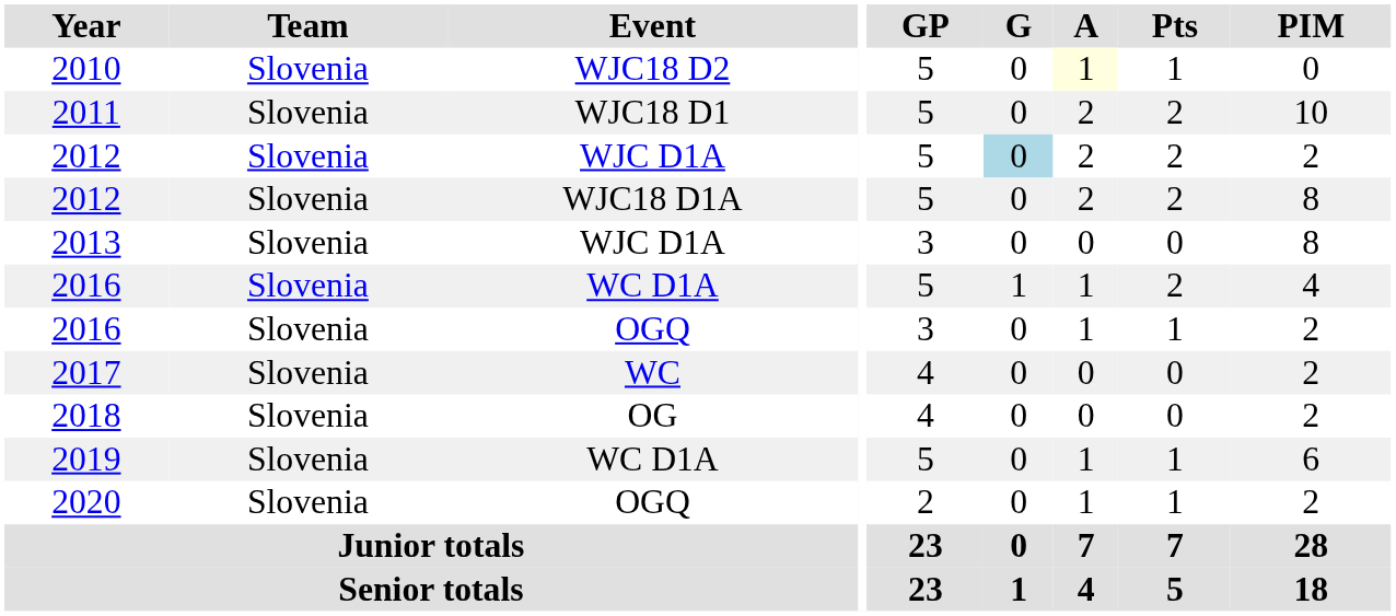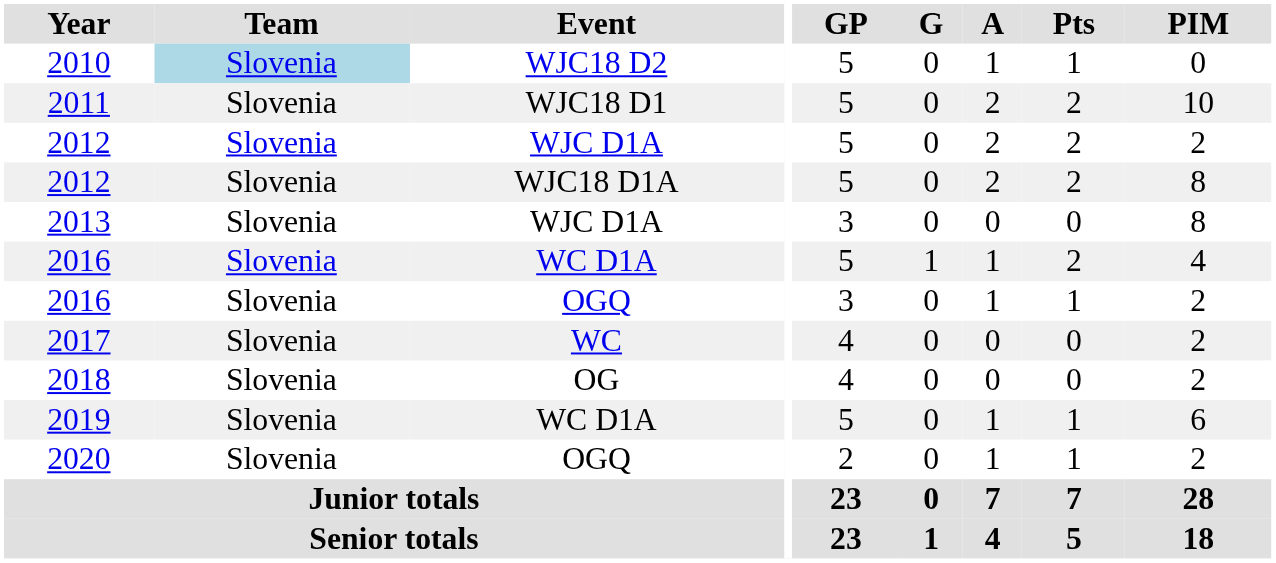 <table border="0" cellpadding="1" cellspacing="0" ID="Table3" style="text-align:center; width:40em">
 <tr ALIGN="center" bgcolor="#e0e0e0">
 <th>Year</th>
 <th>Team</th>
 <th>Event</th>
 <th rowspan="99" bgcolor="#ffffff"></th>
 <th>GP</th>
 <th>G</th>
 <th>A</th>
 <th>Pts</th>
 <th>PIM</th>
 </tr>
 <tr>
 <td><a href='#'>2010</a></td>
-<td><a href='#'>Slovenia</a></td>
+<td style="background: lightblue;"><a href='#'>Slovenia</a></td>
 <td><a href='#'>WJC18 D2</a></td>
 <td>5</td>
 <td>0</td>
-<td style="background: lightyellow;">1</td>
+<td>1</td>
 <td>1</td>
 <td>0</td>
 </tr>
 <tr bgcolor="#f0f0f0">
 <td><a href='#'>2011</a></td>
 <td>Slovenia</td>
 <td>WJC18 D1</td>
 <td>5</td>
 <td>0</td>
 <td>2</td>
 <td>2</td>
 <td>10</td>
 </tr>
 <tr>
 <td><a href='#'>2012</a></td>
 <td><a href='#'>Slovenia</a></td>
 <td><a href='#'>WJC D1A</a></td>
 <td>5</td>
-<td style="background: lightblue;">0</td>
+<td>0</td>
 <td>2</td>
 <td>2</td>
 <td>2</td>
 </tr>
 <tr bgcolor="#f0f0f0">
 <td><a href='#'>2012</a></td>
 <td>Slovenia</td>
 <td>WJC18 D1A</td>
 <td>5</td>
 <td>0</td>
 <td>2</td>
 <td>2</td>
 <td>8</td>
 </tr>
 <tr>
 <td><a href='#'>2013</a></td>
 <td>Slovenia</td>
 <td>WJC D1A</td>
 <td>3</td>
 <td>0</td>
 <td>0</td>
 <td>0</td>
 <td>8</td>
 </tr>
 <tr bgcolor="#f0f0f0">
 <td><a href='#'>2016</a></td>
 <td><a href='#'>Slovenia</a></td>
 <td><a href='#'>WC D1A</a></td>
 <td>5</td>
 <td>1</td>
 <td>1</td>
 <td>2</td>
 <td>4</td>
 </tr>
 <tr>
 <td><a href='#'>2016</a></td>
 <td>Slovenia</td>
 <td><a href='#'>OGQ</a></td>
 <td>3</td>
 <td>0</td>
 <td>1</td>
 <td>1</td>
 <td>2</td>
 </tr>
 <tr bgcolor="#f0f0f0">
 <td><a href='#'>2017</a></td>
 <td>Slovenia</td>
 <td><a href='#'>WC</a></td>
 <td>4</td>
 <td>0</td>
 <td>0</td>
 <td>0</td>
 <td>2</td>
 </tr>
 <tr>
 <td><a href='#'>2018</a></td>
 <td>Slovenia</td>
 <td>OG</td>
 <td>4</td>
 <td>0</td>
 <td>0</td>
 <td>0</td>
 <td>2</td>
 </tr>
 <tr bgcolor="#f0f0f0">
 <td><a href='#'>2019</a></td>
 <td>Slovenia</td>
 <td>WC D1A</td>
 <td>5</td>
 <td>0</td>
 <td>1</td>
 <td>1</td>
 <td>6</td>
 </tr>
 <tr>
 <td><a href='#'>2020</a></td>
 <td>Slovenia</td>
 <td>OGQ</td>
 <td>2</td>
 <td>0</td>
 <td>1</td>
 <td>1</td>
 <td>2</td>
 </tr>
 <tr bgcolor="#e0e0e0">
 <th colspan=3>Junior totals</th>
 <th>23</th>
 <th>0</th>
 <th>7</th>
 <th>7</th>
 <th>28</th>
 </tr>
 <tr bgcolor="#e0e0e0">
 <th colspan=3>Senior totals</th>
 <th>23</th>
 <th>1</th>
 <th>4</th>
 <th>5</th>
 <th>18</th>
 </tr>
 </table>
